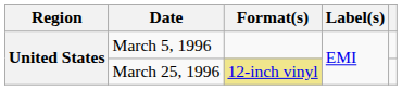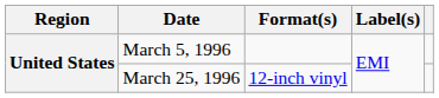 <table class="wikitable plainrowheaders">
 <tr>
 <th scope="col">Region</th>
 <th scope="col">Date</th>
 <th scope="col">Format(s)</th>
 <th scope="col">Label(s)</th>
 <th scope="col"></th>
 </tr>
 <tr>
 <th rowspan="2" scope="row">United States</th>
 <td>March 5, 1996</td>
 <td></td>
 <td rowspan="2"><a href='#'>EMI</a></td>
 <td align="center"></td>
 </tr>
 <tr>
 <td>March 25, 1996</td>
-<td style="background: khaki;"><a href='#'>12-inch vinyl</a></td>
+<td><a href='#'>12-inch vinyl</a></td>
 <td align="center"></td>
 </tr>
 </table>
